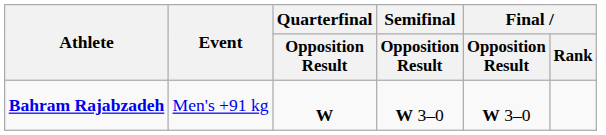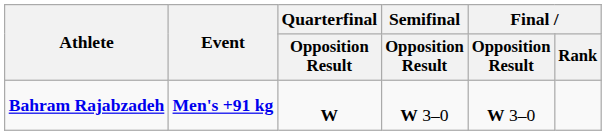 <table class=wikitable style=font-size:90%;text-align:center>
 <tr>
 <th rowspan=2>Athlete</th>
 <th rowspan=2>Event</th>
 <th>Quarterfinal</th>
 <th>Semifinal</th>
 <th colspan=2>Final / </th>
 </tr>
 <tr style=font-size:95%>
 <th>Opposition<br>Result</th>
 <th>Opposition<br>Result</th>
 <th>Opposition<br>Result</th>
 <th>Rank</th>
 </tr>
 <tr>
 <td align=left><strong><a href='#'>Bahram Rajabzadeh</a></strong></td>
-<td align=left><a href='#'>Men's +91 kg</a></td>
+<td align=left><strong><a href='#'>Men's +91 kg</a></strong></td>
 <td><br><strong>W</strong> </td>
 <td><br><strong>W</strong> 3–0</td>
 <td><br><strong>W</strong> 3–0</td>
 <td></td>
 </tr>
 </table>
